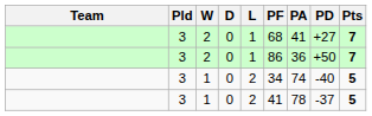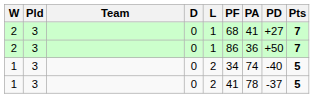 <table class="wikitable" style="text-align:center;">
 <tr>
+<th width="20" abbr="Won">W</th>
+<th width="20" abbr="Played">Pld</th>
 <th width="190">Team</th>
-<th width="20" abbr="Played">Pld</th>
-<th width="20" abbr="Won">W</th>
 <th width="20" abbr="Drawn">D</th>
 <th width="20" abbr="Lost">L</th>
 <th width="20" abbr="Points for">PF</th>
 <th width="20" abbr="Points against">PA</th>
 <th width="25" abbr="Points difference">PD</th>
 <th width="20" abbr="Points">Pts</th>
 </tr>
 <tr style="background:#ccffcc">
+<td>2</td>
+<td>3</td>
 <td align="left"></td>
-<td>3</td>
-<td>2</td>
 <td>0</td>
 <td>1</td>
 <td>68</td>
 <td>41</td>
 <td>+27</td>
 <td><strong>7</strong></td>
 </tr>
 <tr style="background:#ccffcc">
+<td>2</td>
+<td>3</td>
 <td align="left"></td>
-<td>3</td>
-<td>2</td>
 <td>0</td>
 <td>1</td>
 <td>86</td>
 <td>36</td>
 <td>+50</td>
 <td><strong>7</strong></td>
 </tr>
 <tr>
+<td>1</td>
+<td>3</td>
 <td align="left"></td>
-<td>3</td>
-<td>1</td>
 <td>0</td>
 <td>2</td>
 <td>34</td>
 <td>74</td>
 <td>-40</td>
 <td><strong>5</strong></td>
 </tr>
 <tr>
+<td>1</td>
+<td>3</td>
 <td align="left"></td>
-<td>3</td>
-<td>1</td>
 <td>0</td>
 <td>2</td>
 <td>41</td>
 <td>78</td>
 <td>-37</td>
 <td><strong>5</strong></td>
 </tr>
 </table>
